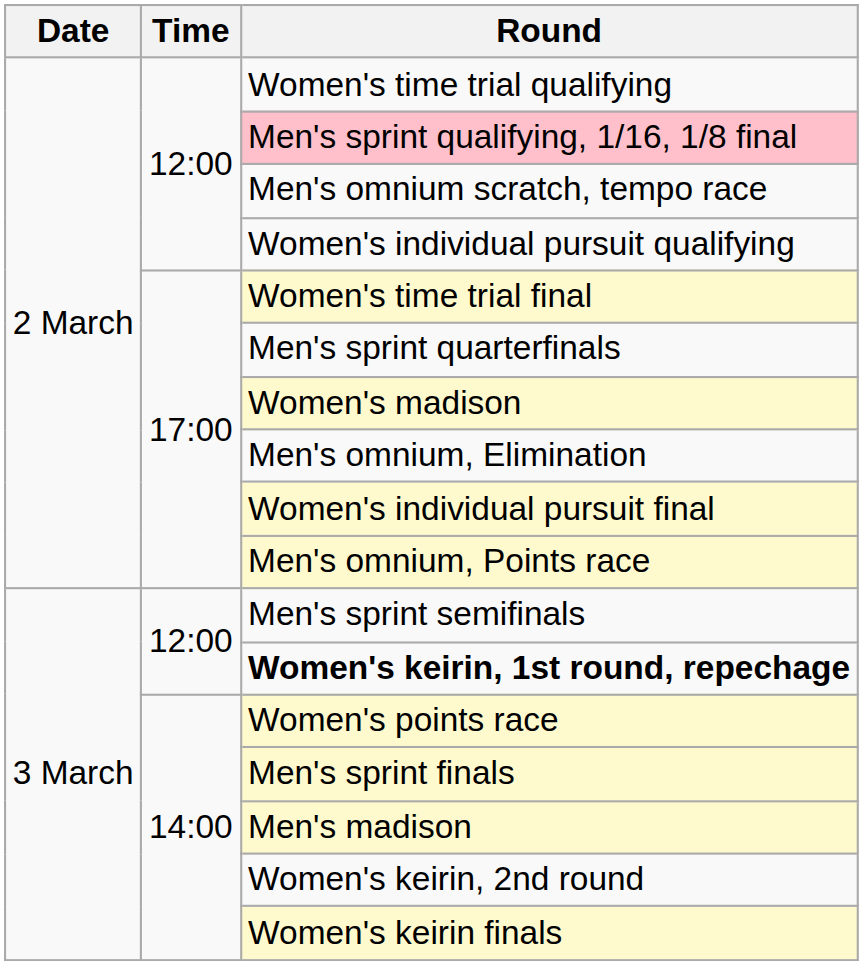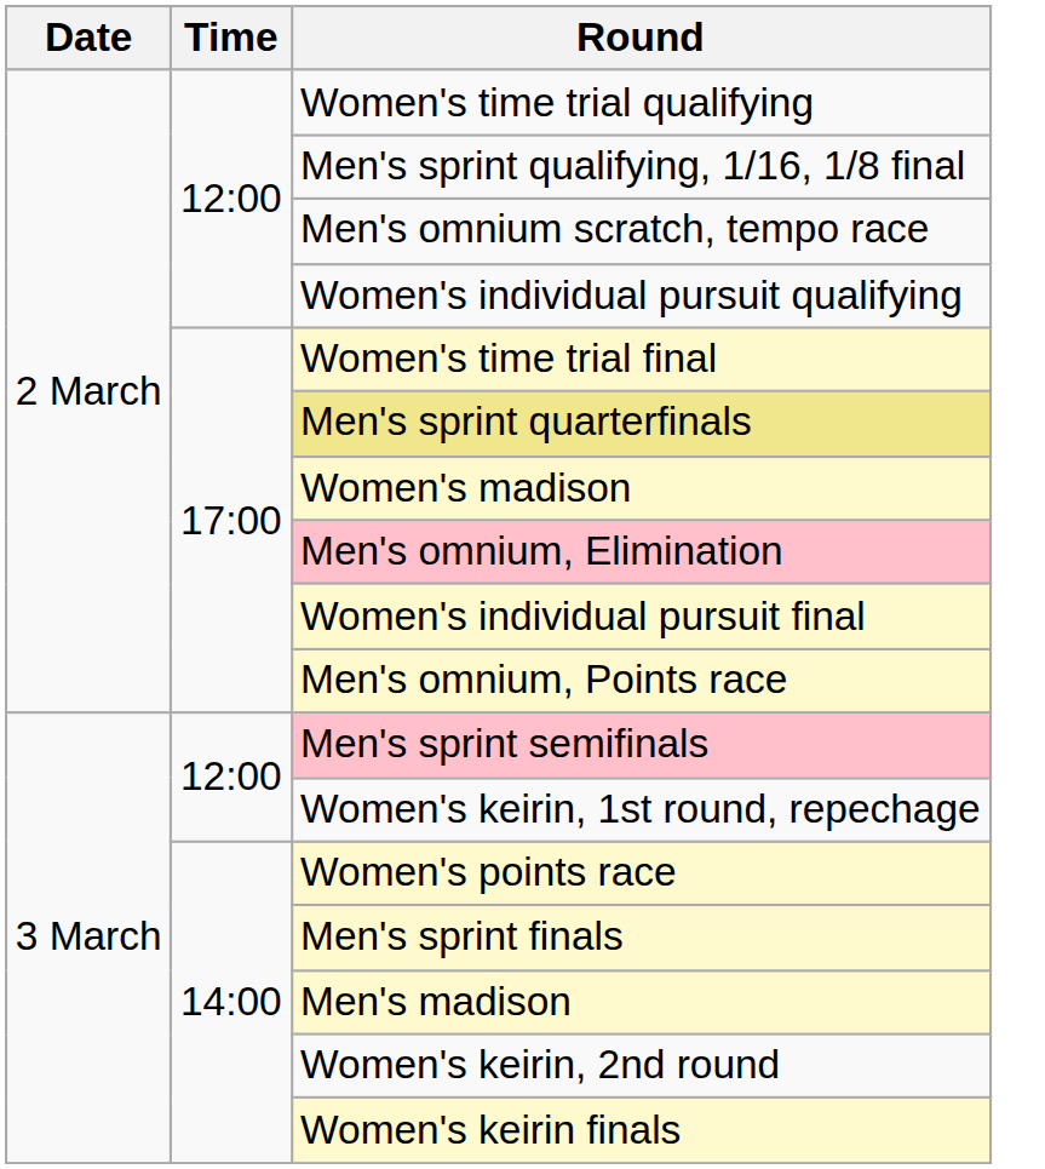 <table class="wikitable">
 <tr>
 <th>Date</th>
 <th>Time</th>
 <th>Round</th>
 </tr>
 <tr>
 <td rowspan=10>2 March</td>
 <td rowspan=4>12:00</td>
 <td>Women's time trial qualifying</td>
 </tr>
 <tr>
-<td style="background: pink;">Men's sprint qualifying, 1/16, 1/8 final</td>
+<td>Men's sprint qualifying, 1/16, 1/8 final</td>
 </tr>
 <tr>
 <td>Men's omnium scratch, tempo race</td>
 </tr>
 <tr>
 <td>Women's individual pursuit qualifying</td>
 </tr>
 <tr>
 <td rowspan=6>17:00</td>
 <td style="background:lemonchiffon">Women's time trial final</td>
 </tr>
 <tr>
-<td>Men's sprint quarterfinals</td>
+<td style="background: khaki;">Men's sprint quarterfinals</td>
 </tr>
 <tr>
 <td style="background:lemonchiffon">Women's madison</td>
 </tr>
 <tr>
-<td>Men's omnium, Elimination</td>
+<td style="background: pink;">Men's omnium, Elimination</td>
 </tr>
 <tr>
 <td style="background:lemonchiffon">Women's individual pursuit final</td>
 </tr>
 <tr>
 <td style="background:lemonchiffon">Men's omnium, Points race</td>
 </tr>
 <tr>
 <td rowspan=7>3 March</td>
 <td rowspan=2>12:00</td>
-<td>Men's sprint semifinals</td>
+<td style="background: pink;">Men's sprint semifinals</td>
 </tr>
 <tr>
-<td><strong>Women's keirin, 1st round, repechage</strong></td>
+<td>Women's keirin, 1st round, repechage</td>
 </tr>
 <tr>
 <td rowspan=5>14:00</td>
 <td style="background:lemonchiffon">Women's points race</td>
 </tr>
 <tr>
 <td style="background:lemonchiffon">Men's sprint finals</td>
 </tr>
 <tr>
 <td style="background:lemonchiffon">Men's madison</td>
 </tr>
 <tr>
 <td>Women's keirin, 2nd round</td>
 </tr>
 <tr>
 <td style="background:lemonchiffon">Women's keirin finals</td>
 </tr>
 </table>
